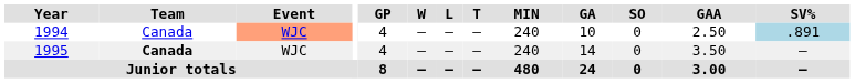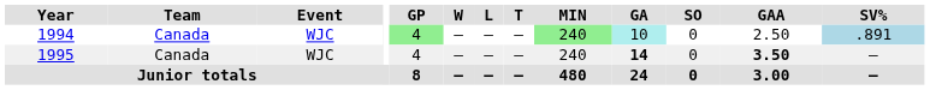 <table border="0" cellpadding="1" cellspacing="0" ID="Table3" style="text-align:center; width:60em">
 <tr ALIGN="center" bgcolor="#e0e0e0">
 <th>Year</th>
 <th>Team</th>
 <th>Event</th>
 <th rowspan="99" bgcolor="#ffffff"></th>
 <th>GP</th>
 <th>W</th>
 <th>L</th>
 <th>T</th>
 <th>MIN</th>
 <th>GA</th>
 <th>SO</th>
 <th>GAA</th>
 <th>SV%</th>
 </tr>
 <tr>
 <td><a href='#'>1994</a></td>
 <td><a href='#'>Canada</a></td>
-<td style="background: lightsalmon;"><a href='#'>WJC</a></td>
-<td>4</td>
+<td><a href='#'>WJC</a></td>
+<td style="background: lightgreen;">4</td>
 <td>—</td>
 <td>—</td>
 <td>—</td>
-<td>240</td>
-<td>10</td>
+<td style="background: lightgreen;">240</td>
+<td style="background: paleturquoise;">10</td>
 <td>0</td>
 <td>2.50</td>
 <td style="background: lightblue;">.891</td>
 </tr>
 <tr bgcolor="#f0f0f0">
 <td><a href='#'>1995</a></td>
-<td><strong>Canada</strong></td>
+<td>Canada</td>
 <td>WJC</td>
 <td>4</td>
 <td>—</td>
 <td>—</td>
 <td>—</td>
 <td>240</td>
-<td>14</td>
+<td><strong>14</strong></td>
 <td>0</td>
-<td>3.50</td>
+<td><strong>3.50</strong></td>
 <td>—</td>
 </tr>
 <tr bgcolor="#e0e0e0">
 <th colspan=4>Junior totals</th>
 <th>8</th>
 <th>—</th>
 <th>—</th>
 <th>—</th>
 <th>480</th>
 <th>24</th>
 <th>0</th>
 <th>3.00</th>
 <th>—</th>
 </tr>
 </table>
